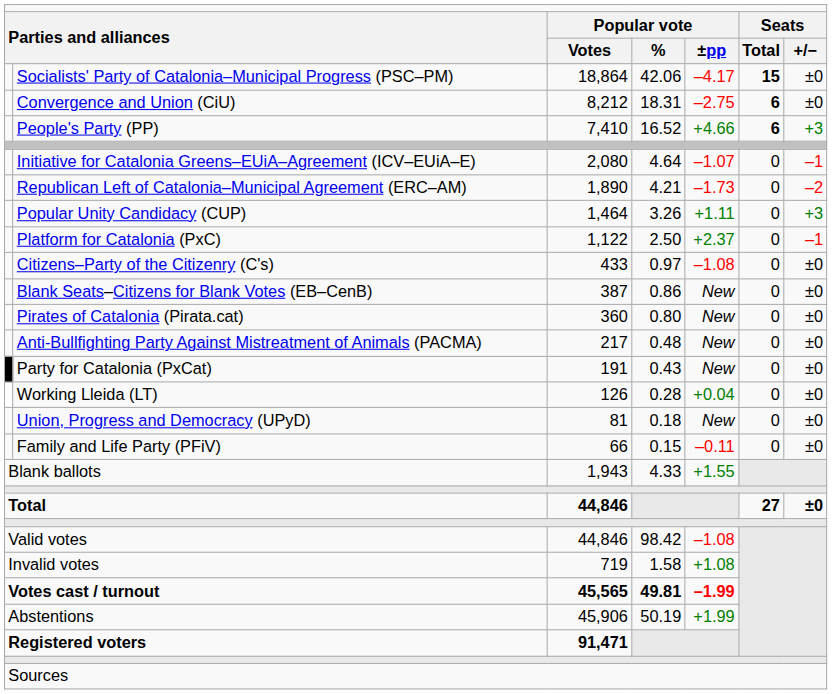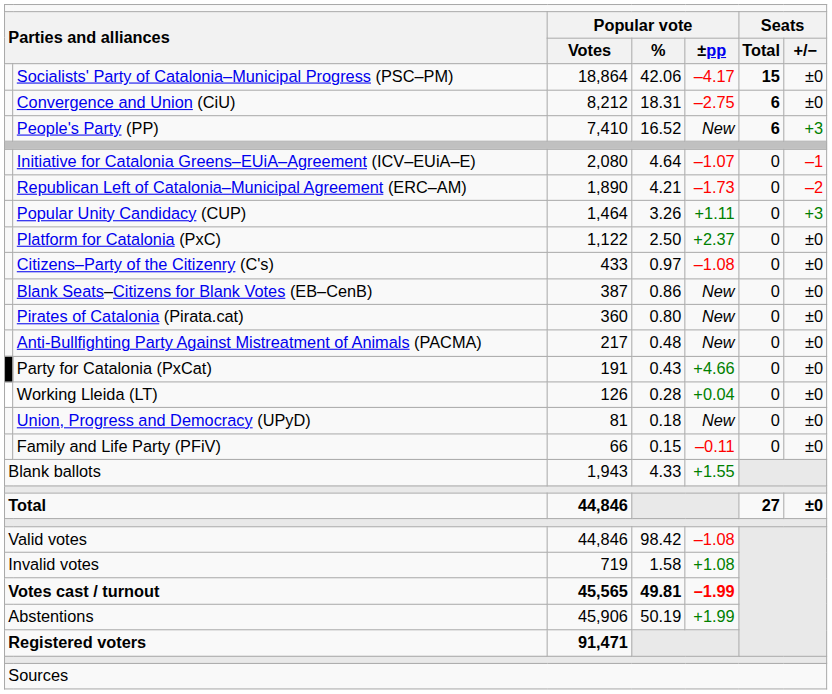 <table class="wikitable" style="text-align:right;">
 <tr>
 <td colspan="7"></td>
 </tr>
 <tr>
 <th style="text-align:left;" rowspan="2" colspan="2" width="525">Parties and alliances</th>
 <th colspan="3">Popular vote</th>
 <th colspan="2">Seats</th>
 </tr>
 <tr>
 <th width="75">Votes</th>
 <th width="45">%</th>
 <th width="45">±<a href='#'>pp</a></th>
 <th width="35">Total</th>
 <th width="35">+/−</th>
 </tr>
 <tr>
 <td width="1" style="color:inherit;background:"></td>
 <td align="left"><a href='#'>Socialists' Party of Catalonia–Municipal Progress</a> (PSC–PM)</td>
 <td>18,864</td>
 <td>42.06</td>
 <td style="color:red;">–4.17</td>
 <td><strong>15</strong></td>
 <td>±0</td>
 </tr>
 <tr>
 <td style="color:inherit;background:"></td>
 <td align="left"><a href='#'>Convergence and Union</a> (CiU)</td>
 <td>8,212</td>
 <td>18.31</td>
 <td style="color:red;">–2.75</td>
 <td><strong>6</strong></td>
 <td>±0</td>
 </tr>
 <tr>
 <td style="color:inherit;background:"></td>
 <td align="left"><a href='#'>People's Party</a> (PP)</td>
 <td>7,410</td>
 <td>16.52</td>
-<td style="color:green;">+4.66</td>
+<td><em>New</em></td>
 <td><strong>6</strong></td>
 <td style="color:green;">+3</td>
 </tr>
 <tr>
 <td colspan="7" style="color:inherit;background:#C0C0C0"></td>
 </tr>
 <tr>
 <td style="color:inherit;background:"></td>
 <td align="left"><a href='#'>Initiative for Catalonia Greens–EUiA–Agreement</a> (ICV–EUiA–E)</td>
 <td>2,080</td>
 <td>4.64</td>
 <td style="color:red;">–1.07</td>
 <td>0</td>
 <td style="color:red;">–1</td>
 </tr>
 <tr>
 <td style="color:inherit;background:"></td>
 <td align="left"><a href='#'>Republican Left of Catalonia–Municipal Agreement</a> (ERC–AM)</td>
 <td>1,890</td>
 <td>4.21</td>
 <td style="color:red;">–1.73</td>
 <td>0</td>
 <td style="color:red;">–2</td>
 </tr>
 <tr>
 <td style="color:inherit;background:"></td>
 <td align="left"><a href='#'>Popular Unity Candidacy</a> (CUP)</td>
 <td>1,464</td>
 <td>3.26</td>
 <td style="color:green;">+1.11</td>
 <td>0</td>
 <td style="color:green;">+3</td>
 </tr>
 <tr>
 <td style="color:inherit;background:"></td>
 <td align="left"><a href='#'>Platform for Catalonia</a> (PxC)</td>
 <td>1,122</td>
 <td>2.50</td>
 <td style="color:green;">+2.37</td>
 <td>0</td>
-<td style="color:red;">–1</td>
+<td>±0</td>
 </tr>
 <tr>
 <td style="color:inherit;background:"></td>
 <td align="left"><a href='#'>Citizens–Party of the Citizenry</a> (C's)</td>
 <td>433</td>
 <td>0.97</td>
 <td style="color:red;">–1.08</td>
 <td>0</td>
 <td>±0</td>
 </tr>
 <tr>
 <td style="color:inherit;background:"></td>
 <td align="left"><a href='#'>Blank Seats</a>–<a href='#'>Citizens for Blank Votes</a> (EB–CenB)</td>
 <td>387</td>
 <td>0.86</td>
 <td><em>New</em></td>
 <td>0</td>
 <td>±0</td>
 </tr>
 <tr>
 <td style="color:inherit;background:"></td>
 <td align="left"><a href='#'>Pirates of Catalonia</a> (Pirata.cat)</td>
 <td>360</td>
 <td>0.80</td>
 <td><em>New</em></td>
 <td>0</td>
 <td>±0</td>
 </tr>
 <tr>
 <td style="color:inherit;background:"></td>
 <td align="left"><a href='#'>Anti-Bullfighting Party Against Mistreatment of Animals</a> (PACMA)</td>
 <td>217</td>
 <td>0.48</td>
 <td><em>New</em></td>
 <td>0</td>
 <td>±0</td>
 </tr>
 <tr>
 <td bgcolor="black"></td>
 <td align="left">Party for Catalonia (PxCat)</td>
 <td>191</td>
 <td>0.43</td>
-<td><em>New</em></td>
+<td style="color:green;">+4.66</td>
 <td>0</td>
 <td>±0</td>
 </tr>
 <tr>
 <td bgcolor="white"></td>
 <td align="left">Working Lleida (LT)</td>
 <td>126</td>
 <td>0.28</td>
 <td style="color:green;">+0.04</td>
 <td>0</td>
 <td>±0</td>
 </tr>
 <tr>
 <td style="color:inherit;background:"></td>
 <td align="left"><a href='#'>Union, Progress and Democracy</a> (UPyD)</td>
 <td>81</td>
 <td>0.18</td>
 <td><em>New</em></td>
 <td>0</td>
 <td>±0</td>
 </tr>
 <tr>
 <td style="color:inherit;background:"></td>
 <td align="left">Family and Life Party (PFiV)</td>
 <td>66</td>
 <td>0.15</td>
 <td style="color:red;">–0.11</td>
 <td>0</td>
 <td>±0</td>
 </tr>
 <tr>
 <td align="left" colspan="2">Blank ballots</td>
 <td>1,943</td>
 <td>4.33</td>
 <td style="color:green;">+1.55</td>
 <td style="color:inherit;background:#E9E9E9" colspan="2"></td>
 </tr>
 <tr>
 <td colspan="7" style="color:inherit;background:#E9E9E9"></td>
 </tr>
 <tr style="font-weight:bold;">
 <td align="left" colspan="2">Total</td>
 <td>44,846</td>
 <td bgcolor="#E9E9E9" colspan="2"></td>
 <td>27</td>
 <td>±0</td>
 </tr>
 <tr>
 <td colspan="7" style="color:inherit;background:#E9E9E9"></td>
 </tr>
 <tr>
 <td align="left" colspan="2">Valid votes</td>
 <td>44,846</td>
 <td>98.42</td>
 <td style="color:red;">–1.08</td>
 <td bgcolor="#E9E9E9" colspan="2" rowspan="5"></td>
 </tr>
 <tr>
 <td align="left" colspan="2">Invalid votes</td>
 <td>719</td>
 <td>1.58</td>
 <td style="color:green;">+1.08</td>
 </tr>
 <tr style="font-weight:bold;">
 <td align="left" colspan="2">Votes cast / turnout</td>
 <td>45,565</td>
 <td>49.81</td>
 <td style="color:red;">–1.99</td>
 </tr>
 <tr>
 <td align="left" colspan="2">Abstentions</td>
 <td>45,906</td>
 <td>50.19</td>
 <td style="color:green;">+1.99</td>
 </tr>
 <tr style="font-weight:bold;">
 <td align="left" colspan="2">Registered voters</td>
 <td>91,471</td>
 <td bgcolor="#E9E9E9" colspan="2"></td>
 </tr>
 <tr>
 <td colspan="7" style="color:inherit;background:#E9E9E9"></td>
 </tr>
 <tr>
 <td align="left" colspan="7">Sources</td>
 </tr>
 </table>
